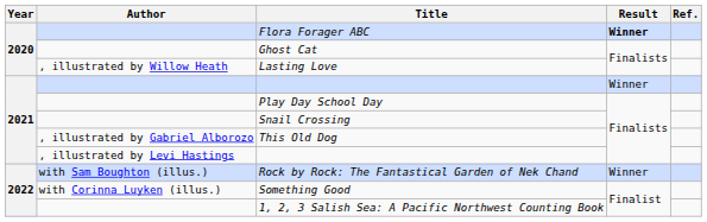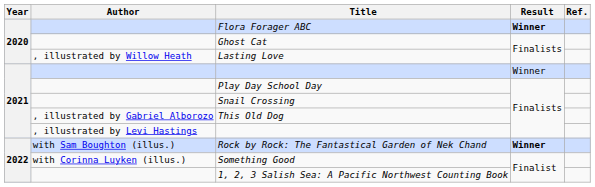 <table class="wikitable sortable mw-collapsible">
 <tr>
 <th>Year</th>
 <th>Author</th>
 <th>Title</th>
 <th>Result</th>
 <th>Ref.</th>
 </tr>
 <tr style="background:#cddeff">
 <th rowspan="3">2020</th>
 <td></td>
 <td><em>Flora Forager ABC</em></td>
 <td><strong>Winner</strong></td>
 <td></td>
 </tr>
 <tr>
 <td></td>
 <td><em>Ghost Cat</em></td>
 <td rowspan="2">Finalists</td>
 <td></td>
 </tr>
 <tr>
 <td>, illustrated by <a href='#'>Willow Heath</a></td>
 <td><em>Lasting Love</em></td>
 <td></td>
 </tr>
 <tr style="background:#cddeff">
 <th rowspan="5">2021</th>
 <td></td>
 <td><em></em></td>
 <td>Winner</td>
 <td></td>
 </tr>
 <tr>
 <td></td>
 <td><em>Play Day School Day</em></td>
 <td rowspan="4">Finalists</td>
 <td></td>
 </tr>
 <tr>
 <td></td>
 <td><em>Snail Crossing</em></td>
 <td></td>
 </tr>
 <tr>
 <td>, illustrated by <a href='#'>Gabriel Alborozo</a></td>
 <td><em>This Old Dog</em></td>
 <td></td>
 </tr>
 <tr>
 <td>, illustrated by <a href='#'>Levi Hastings</a></td>
 <td><em></em></td>
 <td></td>
 </tr>
 <tr style="background:#cddeff">
 <th rowspan="3">2022</th>
 <td> with <a href='#'>Sam Boughton</a> (illus.)</td>
 <td><em>Rock by Rock: The Fantastical Garden of Nek Chand</em></td>
-<td>Winner</td>
+<td><strong>Winner</strong></td>
 <td></td>
 </tr>
 <tr>
 <td> with <a href='#'>Corinna Luyken</a> (illus.)</td>
 <td><em>Something Good</em></td>
 <td rowspan="2">Finalist</td>
 <td></td>
 </tr>
 <tr>
 <td></td>
 <td><em>1, 2, 3 Salish Sea: A Pacific Northwest Counting Book</em></td>
 <td></td>
 </tr>
 </table>
